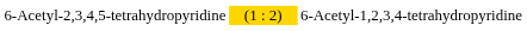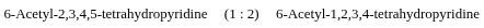 <table style="border: 0px; margin: 1em;">
 <tr align="center">
 <td></td>
 <td></td>
 <td></td>
 </tr>
 <tr align="center">
 <td>6-Acetyl-2,3,4,5-tetrahydropyridine</td>
-<td style="background: gold; padding: 0 1em 0 1em;">(1 : 2)</td>
+<td style="padding: 0 1em 0 1em;">(1 : 2)</td>
 <td>6-Acetyl-1,2,3,4-tetrahydropyridine</td>
 </tr>
 </table>
